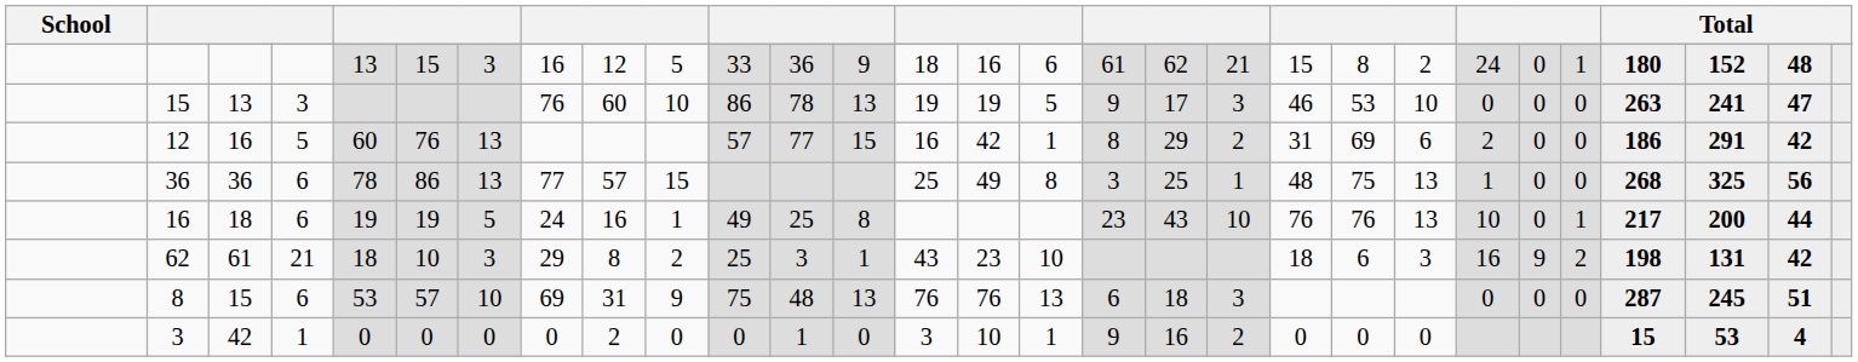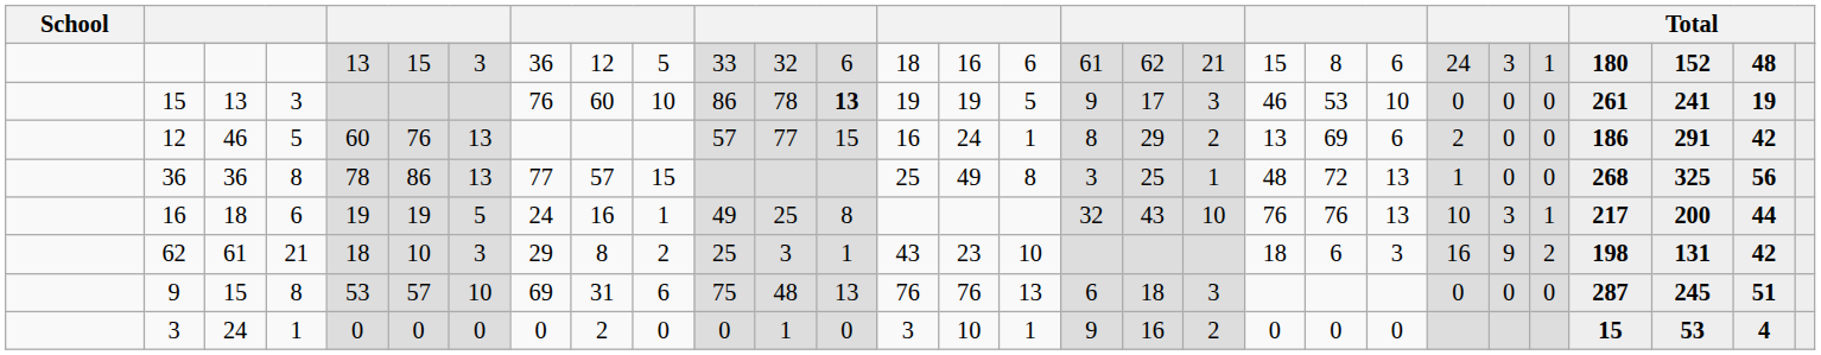 <table class="wikitable sortable" style="text-align:center" width=95%>
 <tr>
 <th rowspan="2">School</th>
 <th colspan="3"><strong><a href='#'></a></strong></th>
 <th colspan="3"><strong><a href='#'></a></strong></th>
 <th colspan="3"><strong><a href='#'></a></strong></th>
 <th colspan="3"><strong><a href='#'></a></strong></th>
 <th colspan="3"><strong><a href='#'></a></strong></th>
 <th colspan="3"><strong><a href='#'></a></strong></th>
 <th colspan="3"><strong><a href='#'></a></strong></th>
 <th colspan="3"><strong><a href='#'></a></strong></th>
 <th colspan="4">Total</th>
 </tr>
 <tr>
 </tr>
 <tr>
 <td align=left><strong><a href='#'></a></strong></td>
 <td></td>
 <td></td>
 <td></td>
 <td bgcolor=dddddd>13</td>
 <td bgcolor=dddddd>15</td>
 <td bgcolor=dddddd>3</td>
-<td>16</td>
+<td>36</td>
 <td>12</td>
 <td>5</td>
 <td bgcolor=dddddd>33</td>
-<td bgcolor=dddddd>36</td>
-<td bgcolor=dddddd>9</td>
+<td bgcolor=dddddd>32</td>
+<td bgcolor=dddddd>6</td>
 <td>18</td>
 <td>16</td>
 <td>6</td>
 <td bgcolor=dddddd>61</td>
 <td bgcolor=dddddd>62</td>
 <td bgcolor=dddddd>21</td>
 <td>15</td>
 <td>8</td>
-<td>2</td>
+<td>6</td>
 <td bgcolor=dddddd>24</td>
-<td bgcolor=dddddd>0</td>
+<td bgcolor=dddddd>3</td>
 <td bgcolor=dddddd>1</td>
 <td bgcolor=eeeeee><strong>180</strong></td>
 <td bgcolor=eeeeee><strong>152</strong></td>
 <td bgcolor=eeeeee><strong>48</strong></td>
 <td bgcolor=eeeeee><strong></strong></td>
 </tr>
 <tr>
 <td align=left><strong><a href='#'></a></strong></td>
 <td>15</td>
 <td>13</td>
 <td>3</td>
 <td bgcolor=dddddd></td>
 <td bgcolor=dddddd></td>
 <td bgcolor=dddddd></td>
 <td>76</td>
 <td>60</td>
 <td>10</td>
 <td bgcolor=dddddd>86</td>
 <td bgcolor=dddddd>78</td>
-<td bgcolor=dddddd>13</td>
+<td bgcolor=dddddd><strong>13</strong></td>
 <td>19</td>
 <td>19</td>
 <td>5</td>
 <td bgcolor=dddddd>9</td>
 <td bgcolor=dddddd>17</td>
 <td bgcolor=dddddd>3</td>
 <td>46</td>
 <td>53</td>
 <td>10</td>
 <td bgcolor=dddddd>0</td>
 <td bgcolor=dddddd>0</td>
 <td bgcolor=dddddd>0</td>
-<td bgcolor=eeeeee><strong>263</strong></td>
+<td bgcolor=eeeeee><strong>261</strong></td>
 <td bgcolor=eeeeee><strong>241</strong></td>
-<td bgcolor=eeeeee><strong>47</strong></td>
+<td bgcolor=eeeeee><strong>19</strong></td>
 <td bgcolor=eeeeee><strong></strong></td>
 </tr>
 <tr>
 <td align=left><strong><a href='#'></a></strong></td>
 <td>12</td>
-<td>16</td>
+<td>46</td>
 <td>5</td>
 <td bgcolor=dddddd>60</td>
 <td bgcolor=dddddd>76</td>
 <td bgcolor=dddddd>13</td>
 <td></td>
 <td></td>
 <td></td>
 <td bgcolor=dddddd>57</td>
 <td bgcolor=dddddd>77</td>
 <td bgcolor=dddddd>15</td>
 <td>16</td>
-<td>42</td>
+<td>24</td>
 <td>1</td>
 <td bgcolor=dddddd>8</td>
 <td bgcolor=dddddd>29</td>
 <td bgcolor=dddddd>2</td>
-<td>31</td>
+<td>13</td>
 <td>69</td>
 <td>6</td>
 <td bgcolor=dddddd>2</td>
 <td bgcolor=dddddd>0</td>
 <td bgcolor=dddddd>0</td>
 <td bgcolor=eeeeee><strong>186</strong></td>
 <td bgcolor=eeeeee><strong>291</strong></td>
 <td bgcolor=eeeeee><strong>42</strong></td>
 <td bgcolor=eeeeee><strong></strong></td>
 </tr>
 <tr>
 <td align=left><strong><a href='#'></a></strong></td>
 <td>36</td>
 <td>36</td>
-<td>6</td>
+<td>8</td>
 <td bgcolor=dddddd>78</td>
 <td bgcolor=dddddd>86</td>
 <td bgcolor=dddddd>13</td>
 <td>77</td>
 <td>57</td>
 <td>15</td>
 <td bgcolor=dddddd></td>
 <td bgcolor=dddddd></td>
 <td bgcolor=dddddd></td>
 <td>25</td>
 <td>49</td>
 <td>8</td>
 <td bgcolor=dddddd>3</td>
 <td bgcolor=dddddd>25</td>
 <td bgcolor=dddddd>1</td>
 <td>48</td>
-<td>75</td>
+<td>72</td>
 <td>13</td>
 <td bgcolor=dddddd>1</td>
 <td bgcolor=dddddd>0</td>
 <td bgcolor=dddddd>0</td>
 <td bgcolor=eeeeee><strong>268</strong></td>
 <td bgcolor=eeeeee><strong>325</strong></td>
 <td bgcolor=eeeeee><strong>56</strong></td>
 <td bgcolor=eeeeee><strong></strong></td>
 </tr>
 <tr>
 <td align=left><strong><a href='#'></a></strong></td>
 <td>16</td>
 <td>18</td>
 <td>6</td>
 <td bgcolor=dddddd>19</td>
 <td bgcolor=dddddd>19</td>
 <td bgcolor=dddddd>5</td>
 <td>24</td>
 <td>16</td>
 <td>1</td>
 <td bgcolor=dddddd>49</td>
 <td bgcolor=dddddd>25</td>
 <td bgcolor=dddddd>8</td>
 <td></td>
 <td></td>
 <td></td>
-<td bgcolor=dddddd>23</td>
+<td bgcolor=dddddd>32</td>
 <td bgcolor=dddddd>43</td>
 <td bgcolor=dddddd>10</td>
 <td>76</td>
 <td>76</td>
 <td>13</td>
 <td bgcolor=dddddd>10</td>
-<td bgcolor=dddddd>0</td>
+<td bgcolor=dddddd>3</td>
 <td bgcolor=dddddd>1</td>
 <td bgcolor=eeeeee><strong>217</strong></td>
 <td bgcolor=eeeeee><strong>200</strong></td>
 <td bgcolor=eeeeee><strong>44</strong></td>
 <td bgcolor=eeeeee><strong></strong></td>
 </tr>
 <tr>
 <td align=left><strong><a href='#'></a></strong></td>
 <td>62</td>
 <td>61</td>
 <td>21</td>
 <td bgcolor=dddddd>18</td>
 <td bgcolor=dddddd>10</td>
 <td bgcolor=dddddd>3</td>
 <td>29</td>
 <td>8</td>
 <td>2</td>
 <td bgcolor=dddddd>25</td>
 <td bgcolor=dddddd>3</td>
 <td bgcolor=dddddd>1</td>
 <td>43</td>
 <td>23</td>
 <td>10</td>
 <td bgcolor=dddddd></td>
 <td bgcolor=dddddd></td>
 <td bgcolor=dddddd></td>
 <td>18</td>
 <td>6</td>
 <td>3</td>
 <td bgcolor=dddddd>16</td>
 <td bgcolor=dddddd>9</td>
 <td bgcolor=dddddd>2</td>
 <td bgcolor=eeeeee><strong>198</strong></td>
 <td bgcolor=eeeeee><strong>131</strong></td>
 <td bgcolor=eeeeee><strong>42</strong></td>
 <td bgcolor=eeeeee><strong></strong></td>
 </tr>
 <tr>
 <td align=left><strong><a href='#'></a></strong></td>
+<td>9</td>
+<td>15</td>
 <td>8</td>
-<td>15</td>
-<td>6</td>
 <td bgcolor=dddddd>53</td>
 <td bgcolor=dddddd>57</td>
 <td bgcolor=dddddd>10</td>
 <td>69</td>
 <td>31</td>
-<td>9</td>
+<td>6</td>
 <td bgcolor=dddddd>75</td>
 <td bgcolor=dddddd>48</td>
 <td bgcolor=dddddd>13</td>
 <td>76</td>
 <td>76</td>
 <td>13</td>
 <td bgcolor=dddddd>6</td>
 <td bgcolor=dddddd>18</td>
 <td bgcolor=dddddd>3</td>
 <td></td>
 <td></td>
 <td></td>
 <td bgcolor=dddddd>0</td>
 <td bgcolor=dddddd>0</td>
 <td bgcolor=dddddd>0</td>
 <td bgcolor=eeeeee><strong>287</strong></td>
 <td bgcolor=eeeeee><strong>245</strong></td>
 <td bgcolor=eeeeee><strong>51</strong></td>
 <td bgcolor=eeeeee><strong></strong></td>
 </tr>
 <tr>
 <td align=left><strong><a href='#'></a></strong></td>
 <td>3</td>
-<td>42</td>
+<td>24</td>
 <td>1</td>
 <td bgcolor=dddddd>0</td>
 <td bgcolor=dddddd>0</td>
 <td bgcolor=dddddd>0</td>
 <td>0</td>
 <td>2</td>
 <td>0</td>
 <td bgcolor=dddddd>0</td>
 <td bgcolor=dddddd>1</td>
 <td bgcolor=dddddd>0</td>
 <td>3</td>
 <td>10</td>
 <td>1</td>
 <td bgcolor=dddddd>9</td>
 <td bgcolor=dddddd>16</td>
 <td bgcolor=dddddd>2</td>
 <td>0</td>
 <td>0</td>
 <td>0</td>
 <td bgcolor=dddddd></td>
 <td bgcolor=dddddd></td>
 <td bgcolor=dddddd></td>
 <td bgcolor=eeeeee><strong>15</strong></td>
 <td bgcolor=eeeeee><strong>53</strong></td>
 <td bgcolor=eeeeee><strong>4</strong></td>
 <td bgcolor=eeeeee><strong></strong></td>
 </tr>
 </table>
